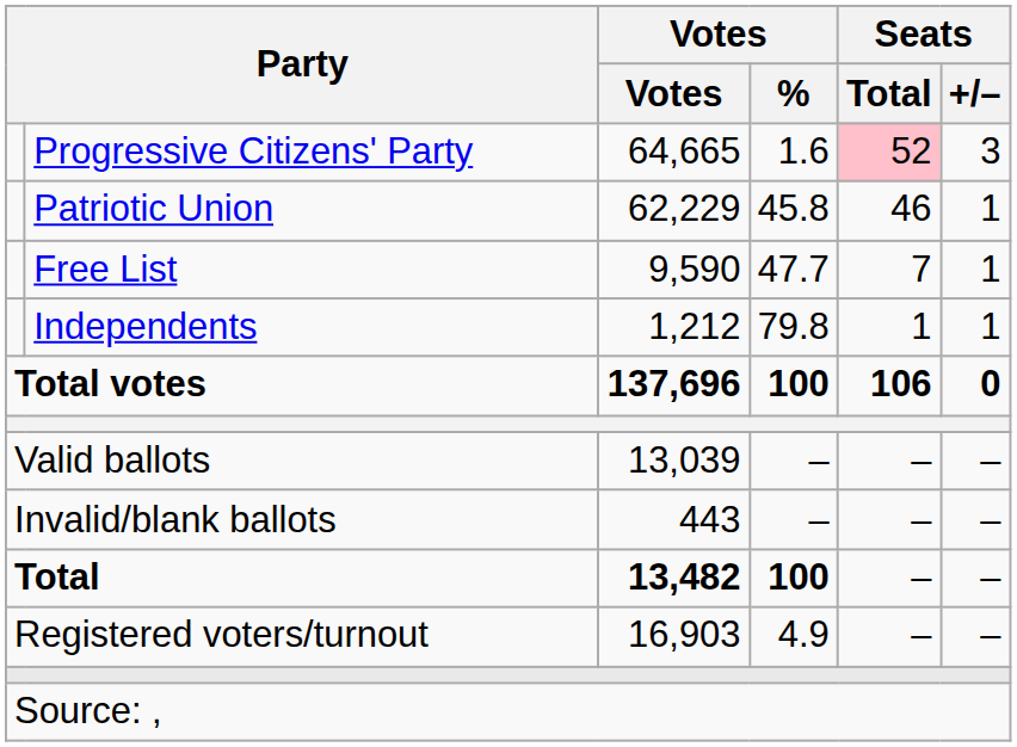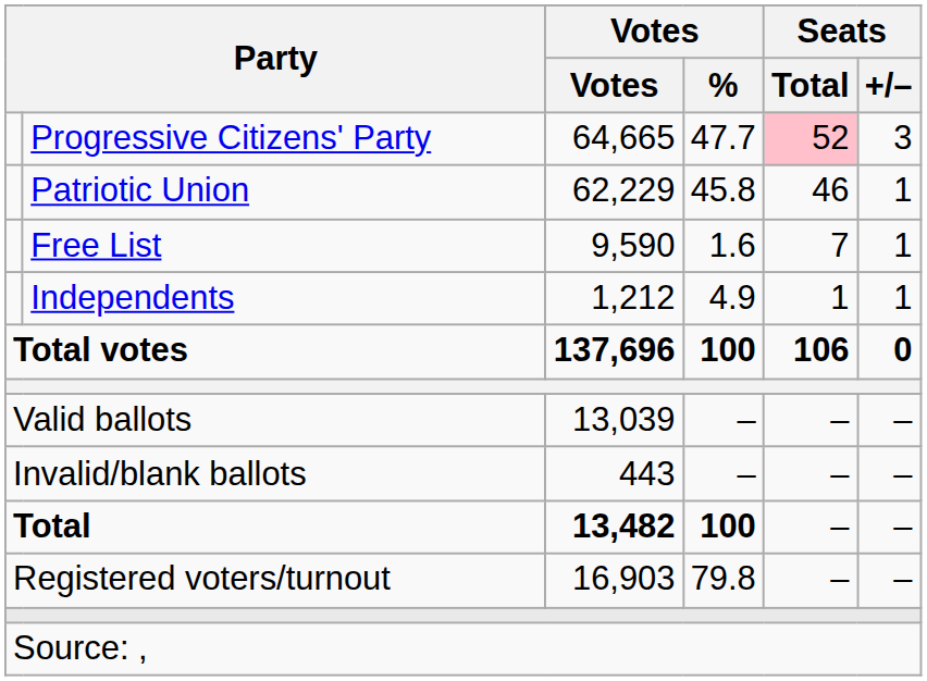 <table class="wikitable" style="text-align:right">
 <tr>
 <th colspan="2" rowspan="2" width="250px">Party</th>
 <th colspan="2">Votes</th>
 <th colspan="2">Seats</th>
 </tr>
 <tr>
 <th>Votes</th>
 <th>%</th>
 <th>Total</th>
 <th>+/–</th>
 </tr>
 <tr>
 <td width="1"></td>
 <td align="left"><a href='#'>Progressive Citizens' Party</a></td>
 <td>64,665</td>
-<td>1.6</td>
+<td>47.7</td>
 <td style="background: pink;">52</td>
 <td> 3</td>
 </tr>
 <tr>
 <td width="1"></td>
 <td align="left"><a href='#'>Patriotic Union</a></td>
 <td>62,229</td>
 <td>45.8</td>
 <td>46</td>
 <td> 1</td>
 </tr>
 <tr>
 <td width="1"></td>
 <td align="left"><a href='#'>Free List</a></td>
 <td>9,590</td>
-<td>47.7</td>
+<td>1.6</td>
 <td>7</td>
 <td> 1</td>
 </tr>
 <tr>
 <td width="1"></td>
 <td align="left"><a href='#'>Independents</a></td>
 <td>1,212</td>
-<td>79.8</td>
+<td>4.9</td>
 <td>1</td>
 <td> 1</td>
 </tr>
 <tr>
 <td colspan="2" align=left><strong>Total votes</strong></td>
 <td><strong>137,696</strong></td>
 <td><strong>100</strong></td>
 <td><strong>106</strong></td>
 <td><strong>0</strong></td>
 </tr>
 <tr>
 <th colspan="6"></th>
 </tr>
 <tr>
 <td colspan="2" align=left>Valid ballots</td>
 <td>13,039</td>
 <td>–</td>
 <td>–</td>
 <td>–</td>
 </tr>
 <tr>
 <td colspan="2" align=left>Invalid/blank ballots</td>
 <td>443</td>
 <td>–</td>
 <td>–</td>
 <td>–</td>
 </tr>
 <tr>
 <td colspan="2" align="left"><strong>Total</strong></td>
 <td><strong>13,482</strong></td>
 <td><strong>100</strong></td>
 <td>–</td>
 <td>–</td>
 </tr>
 <tr>
 <td colspan="2" align="left">Registered voters/turnout</td>
 <td>16,903</td>
-<td>4.9</td>
+<td>79.8</td>
 <td>–</td>
 <td>–</td>
 </tr>
 <tr>
 <td colspan="6" style="color:inherit;background:#E9E9E9"></td>
 </tr>
 <tr>
 <td colspan="6" align="left">Source: , </td>
 </tr>
 </table>
